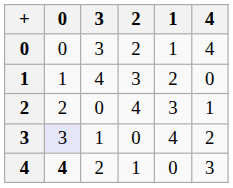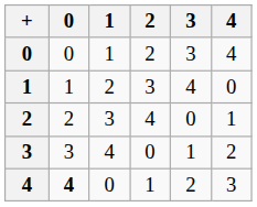 <table class="wikitable" style="text-align: center; width:12em">
 <tr>
 <th>+</th>
 <th>0</th>
+<th>1</th>
+<th>2</th>
 <th>3</th>
-<th>2</th>
-<th>1</th>
 <th>4</th>
 </tr>
 <tr>
 <th>0</th>
 <td>0</td>
+<td>1</td>
+<td>2</td>
 <td>3</td>
-<td>2</td>
-<td>1</td>
 <td>4</td>
 </tr>
 <tr>
 <th>1</th>
 <td>1</td>
+<td>2</td>
+<td>3</td>
 <td>4</td>
-<td>3</td>
-<td>2</td>
 <td>0</td>
 </tr>
 <tr>
 <th>2</th>
 <td>2</td>
+<td>3</td>
+<td>4</td>
 <td>0</td>
-<td>4</td>
-<td>3</td>
 <td>1</td>
 </tr>
 <tr>
 <th>3</th>
-<td style="background: lavender;">3</td>
+<td>3</td>
+<td>4</td>
+<td>0</td>
 <td>1</td>
-<td>0</td>
-<td>4</td>
 <td>2</td>
 </tr>
 <tr>
 <th>4</th>
 <td><strong>4</strong></td>
+<td>0</td>
+<td>1</td>
 <td>2</td>
-<td>1</td>
-<td>0</td>
 <td>3</td>
 </tr>
 </table>
